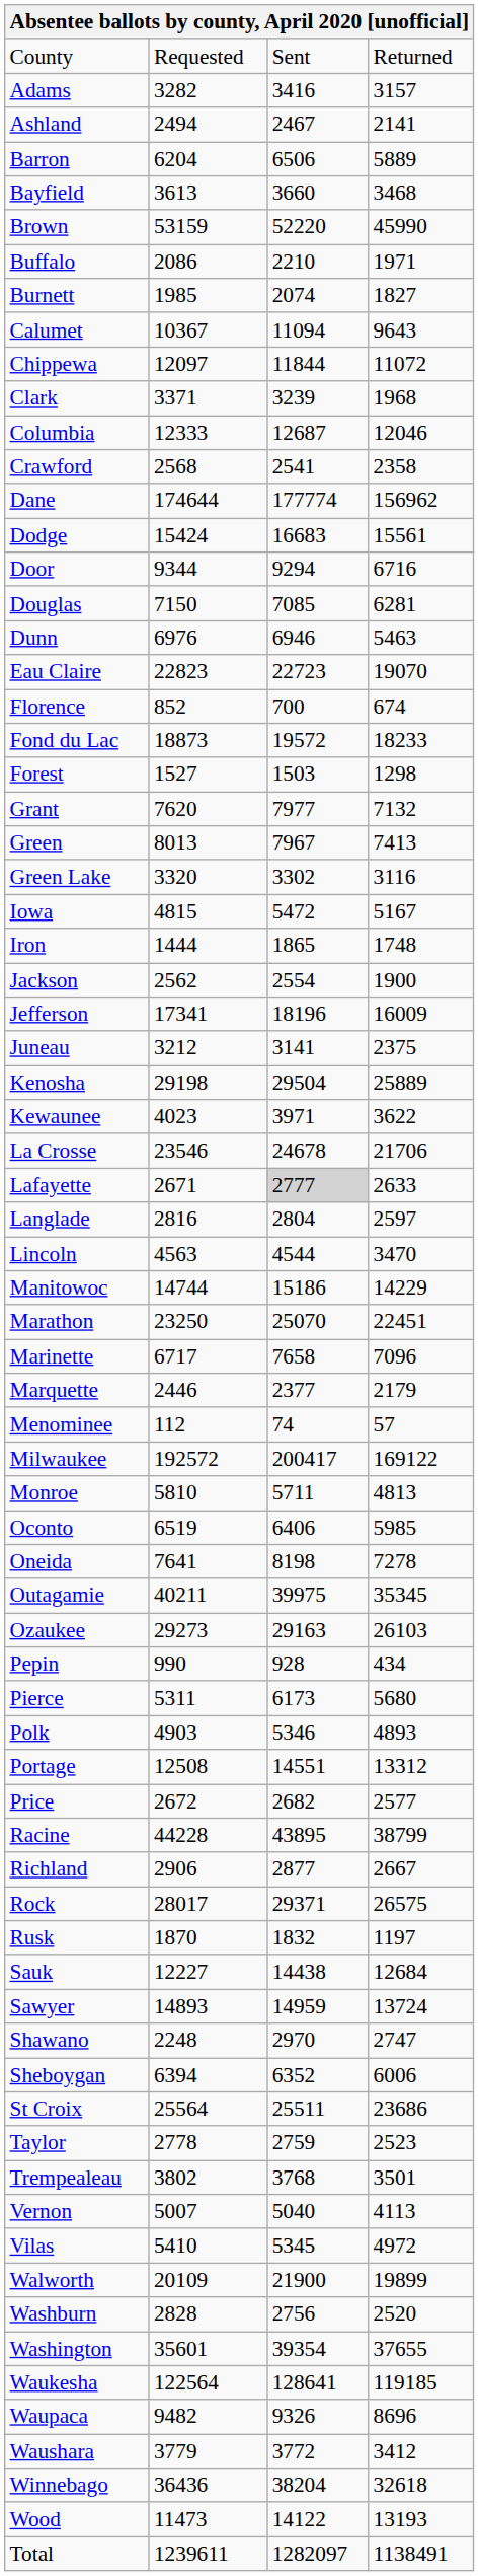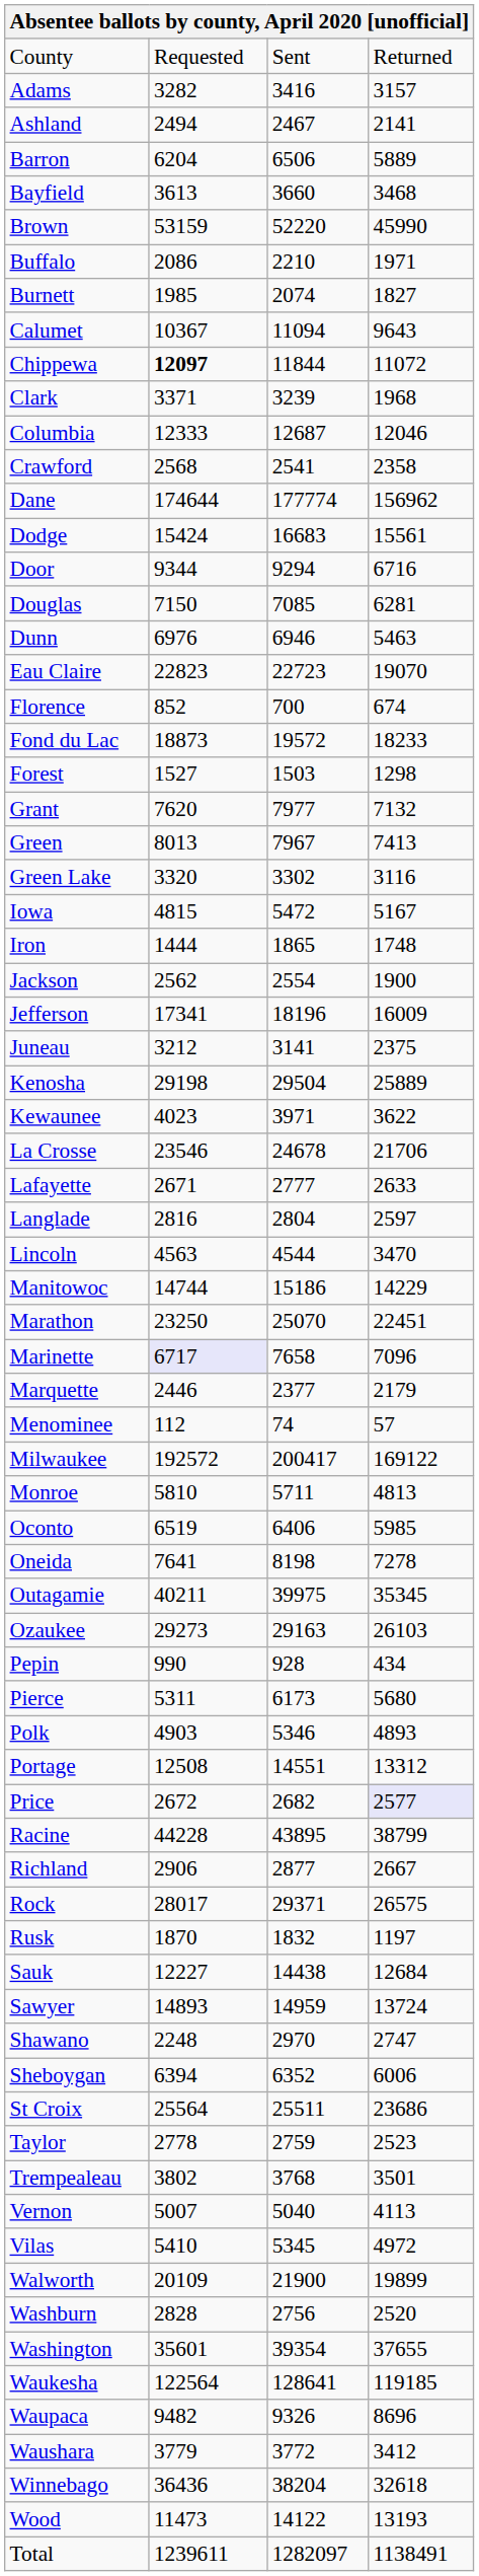 <table class="wikitable collapsible collapsed">
 <tr>
 <th colspan=4>Absentee ballots by county, April 2020 [unofficial]</th>
 </tr>
 <tr>
 <td>County</td>
 <td>Requested</td>
 <td>Sent</td>
 <td>Returned</td>
 </tr>
 <tr>
 <td><a href='#'>Adams</a></td>
 <td>3282</td>
 <td>3416</td>
 <td>3157</td>
 </tr>
 <tr>
 <td><a href='#'>Ashland</a></td>
 <td>2494</td>
 <td>2467</td>
 <td>2141</td>
 </tr>
 <tr>
 <td><a href='#'>Barron</a></td>
 <td>6204</td>
 <td>6506</td>
 <td>5889</td>
 </tr>
 <tr>
 <td><a href='#'>Bayfield</a></td>
 <td>3613</td>
 <td>3660</td>
 <td>3468</td>
 </tr>
 <tr>
 <td><a href='#'>Brown</a></td>
 <td>53159</td>
 <td>52220</td>
 <td>45990</td>
 </tr>
 <tr>
 <td><a href='#'>Buffalo</a></td>
 <td>2086</td>
 <td>2210</td>
 <td>1971</td>
 </tr>
 <tr>
 <td><a href='#'>Burnett</a></td>
 <td>1985</td>
 <td>2074</td>
 <td>1827</td>
 </tr>
 <tr>
 <td><a href='#'>Calumet</a></td>
 <td>10367</td>
 <td>11094</td>
 <td>9643</td>
 </tr>
 <tr>
 <td><a href='#'>Chippewa</a></td>
-<td>12097</td>
+<td><strong>12097</strong></td>
 <td>11844</td>
 <td>11072</td>
 </tr>
 <tr>
 <td><a href='#'>Clark</a></td>
 <td>3371</td>
 <td>3239</td>
 <td>1968</td>
 </tr>
 <tr>
 <td><a href='#'>Columbia</a></td>
 <td>12333</td>
 <td>12687</td>
 <td>12046</td>
 </tr>
 <tr>
 <td><a href='#'>Crawford</a></td>
 <td>2568</td>
 <td>2541</td>
 <td>2358</td>
 </tr>
 <tr>
 <td><a href='#'>Dane</a></td>
 <td>174644</td>
 <td>177774</td>
 <td>156962</td>
 </tr>
 <tr>
 <td><a href='#'>Dodge</a></td>
 <td>15424</td>
 <td>16683</td>
 <td>15561</td>
 </tr>
 <tr>
 <td><a href='#'>Door</a></td>
 <td>9344</td>
 <td>9294</td>
 <td>6716</td>
 </tr>
 <tr>
 <td><a href='#'>Douglas</a></td>
 <td>7150</td>
 <td>7085</td>
 <td>6281</td>
 </tr>
 <tr>
 <td><a href='#'>Dunn</a></td>
 <td>6976</td>
 <td>6946</td>
 <td>5463</td>
 </tr>
 <tr>
 <td><a href='#'>Eau Claire</a></td>
 <td>22823</td>
 <td>22723</td>
 <td>19070</td>
 </tr>
 <tr>
 <td><a href='#'>Florence</a></td>
 <td>852</td>
 <td>700</td>
 <td>674</td>
 </tr>
 <tr>
 <td><a href='#'>Fond du Lac</a></td>
 <td>18873</td>
 <td>19572</td>
 <td>18233</td>
 </tr>
 <tr>
 <td><a href='#'>Forest</a></td>
 <td>1527</td>
 <td>1503</td>
 <td>1298</td>
 </tr>
 <tr>
 <td><a href='#'>Grant</a></td>
 <td>7620</td>
 <td>7977</td>
 <td>7132</td>
 </tr>
 <tr>
 <td><a href='#'>Green</a></td>
 <td>8013</td>
 <td>7967</td>
 <td>7413</td>
 </tr>
 <tr>
 <td><a href='#'>Green Lake</a></td>
 <td>3320</td>
 <td>3302</td>
 <td>3116</td>
 </tr>
 <tr>
 <td><a href='#'>Iowa</a></td>
 <td>4815</td>
 <td>5472</td>
 <td>5167</td>
 </tr>
 <tr>
 <td><a href='#'>Iron</a></td>
 <td>1444</td>
 <td>1865</td>
 <td>1748</td>
 </tr>
 <tr>
 <td><a href='#'>Jackson</a></td>
 <td>2562</td>
 <td>2554</td>
 <td>1900</td>
 </tr>
 <tr>
 <td><a href='#'>Jefferson</a></td>
 <td>17341</td>
 <td>18196</td>
 <td>16009</td>
 </tr>
 <tr>
 <td><a href='#'>Juneau</a></td>
 <td>3212</td>
 <td>3141</td>
 <td>2375</td>
 </tr>
 <tr>
 <td><a href='#'>Kenosha</a></td>
 <td>29198</td>
 <td>29504</td>
 <td>25889</td>
 </tr>
 <tr>
 <td><a href='#'>Kewaunee</a></td>
 <td>4023</td>
 <td>3971</td>
 <td>3622</td>
 </tr>
 <tr>
 <td><a href='#'>La Crosse</a></td>
 <td>23546</td>
 <td>24678</td>
 <td>21706</td>
 </tr>
 <tr>
 <td><a href='#'>Lafayette</a></td>
 <td>2671</td>
-<td style="background: lightgrey;">2777</td>
+<td>2777</td>
 <td>2633</td>
 </tr>
 <tr>
 <td><a href='#'>Langlade</a></td>
 <td>2816</td>
 <td>2804</td>
 <td>2597</td>
 </tr>
 <tr>
 <td><a href='#'>Lincoln</a></td>
 <td>4563</td>
 <td>4544</td>
 <td>3470</td>
 </tr>
 <tr>
 <td><a href='#'>Manitowoc</a></td>
 <td>14744</td>
 <td>15186</td>
 <td>14229</td>
 </tr>
 <tr>
 <td><a href='#'>Marathon</a></td>
 <td>23250</td>
 <td>25070</td>
 <td>22451</td>
 </tr>
 <tr>
 <td><a href='#'>Marinette</a></td>
-<td>6717</td>
+<td style="background: lavender;">6717</td>
 <td>7658</td>
 <td>7096</td>
 </tr>
 <tr>
 <td><a href='#'>Marquette</a></td>
 <td>2446</td>
 <td>2377</td>
 <td>2179</td>
 </tr>
 <tr>
 <td><a href='#'>Menominee</a></td>
 <td>112</td>
 <td>74</td>
 <td>57</td>
 </tr>
 <tr>
 <td><a href='#'>Milwaukee</a></td>
 <td>192572</td>
 <td>200417</td>
 <td>169122</td>
 </tr>
 <tr>
 <td><a href='#'>Monroe</a></td>
 <td>5810</td>
 <td>5711</td>
 <td>4813</td>
 </tr>
 <tr>
 <td><a href='#'>Oconto</a></td>
 <td>6519</td>
 <td>6406</td>
 <td>5985</td>
 </tr>
 <tr>
 <td><a href='#'>Oneida</a></td>
 <td>7641</td>
 <td>8198</td>
 <td>7278</td>
 </tr>
 <tr>
 <td><a href='#'>Outagamie</a></td>
 <td>40211</td>
 <td>39975</td>
 <td>35345</td>
 </tr>
 <tr>
 <td><a href='#'>Ozaukee</a></td>
 <td>29273</td>
 <td>29163</td>
 <td>26103</td>
 </tr>
 <tr>
 <td><a href='#'>Pepin</a></td>
 <td>990</td>
 <td>928</td>
 <td>434</td>
 </tr>
 <tr>
 <td><a href='#'>Pierce</a></td>
 <td>5311</td>
 <td>6173</td>
 <td>5680</td>
 </tr>
 <tr>
 <td><a href='#'>Polk</a></td>
 <td>4903</td>
 <td>5346</td>
 <td>4893</td>
 </tr>
 <tr>
 <td><a href='#'>Portage</a></td>
 <td>12508</td>
 <td>14551</td>
 <td>13312</td>
 </tr>
 <tr>
 <td><a href='#'>Price</a></td>
 <td>2672</td>
 <td>2682</td>
-<td>2577</td>
+<td style="background: lavender;">2577</td>
 </tr>
 <tr>
 <td><a href='#'>Racine</a></td>
 <td>44228</td>
 <td>43895</td>
 <td>38799</td>
 </tr>
 <tr>
 <td><a href='#'>Richland</a></td>
 <td>2906</td>
 <td>2877</td>
 <td>2667</td>
 </tr>
 <tr>
 <td><a href='#'>Rock</a></td>
 <td>28017</td>
 <td>29371</td>
 <td>26575</td>
 </tr>
 <tr>
 <td><a href='#'>Rusk</a></td>
 <td>1870</td>
 <td>1832</td>
 <td>1197</td>
 </tr>
 <tr>
 <td><a href='#'>Sauk</a></td>
 <td>12227</td>
 <td>14438</td>
 <td>12684</td>
 </tr>
 <tr>
 <td><a href='#'>Sawyer</a></td>
 <td>14893</td>
 <td>14959</td>
 <td>13724</td>
 </tr>
 <tr>
 <td><a href='#'>Shawano</a></td>
 <td>2248</td>
 <td>2970</td>
 <td>2747</td>
 </tr>
 <tr>
 <td><a href='#'>Sheboygan</a></td>
 <td>6394</td>
 <td>6352</td>
 <td>6006</td>
 </tr>
 <tr>
 <td><a href='#'>St Croix</a></td>
 <td>25564</td>
 <td>25511</td>
 <td>23686</td>
 </tr>
 <tr>
 <td><a href='#'>Taylor</a></td>
 <td>2778</td>
 <td>2759</td>
 <td>2523</td>
 </tr>
 <tr>
 <td><a href='#'>Trempealeau</a></td>
 <td>3802</td>
 <td>3768</td>
 <td>3501</td>
 </tr>
 <tr>
 <td><a href='#'>Vernon</a></td>
 <td>5007</td>
 <td>5040</td>
 <td>4113</td>
 </tr>
 <tr>
 <td><a href='#'>Vilas</a></td>
 <td>5410</td>
 <td>5345</td>
 <td>4972</td>
 </tr>
 <tr>
 <td><a href='#'>Walworth</a></td>
 <td>20109</td>
 <td>21900</td>
 <td>19899</td>
 </tr>
 <tr>
 <td><a href='#'>Washburn</a></td>
 <td>2828</td>
 <td>2756</td>
 <td>2520</td>
 </tr>
 <tr>
 <td><a href='#'>Washington</a></td>
 <td>35601</td>
 <td>39354</td>
 <td>37655</td>
 </tr>
 <tr>
 <td><a href='#'>Waukesha</a></td>
 <td>122564</td>
 <td>128641</td>
 <td>119185</td>
 </tr>
 <tr>
 <td><a href='#'>Waupaca</a></td>
 <td>9482</td>
 <td>9326</td>
 <td>8696</td>
 </tr>
 <tr>
 <td><a href='#'>Waushara</a></td>
 <td>3779</td>
 <td>3772</td>
 <td>3412</td>
 </tr>
 <tr>
 <td><a href='#'>Winnebago</a></td>
 <td>36436</td>
 <td>38204</td>
 <td>32618</td>
 </tr>
 <tr>
 <td><a href='#'>Wood</a></td>
 <td>11473</td>
 <td>14122</td>
 <td>13193</td>
 </tr>
 <tr>
 <td>Total</td>
 <td>1239611</td>
 <td>1282097</td>
 <td>1138491</td>
 </tr>
 </table>
